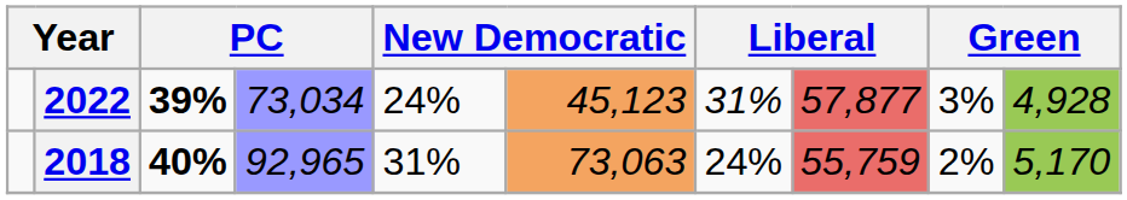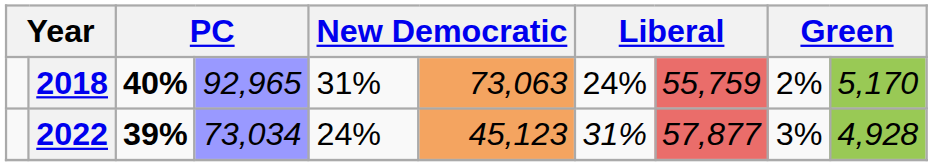 <table class="wikitable" style="float:right; width:400; font-size:90%; margin-left:1em;">
 <tr>
 <th colspan="2" scope="col">Year</th>
 <th colspan="2" scope="col"><a href='#'>PC</a></th>
 <th colspan="2" scope="col"><a href='#'>New Democratic</a></th>
 <th colspan="2" scope="col"><a href='#'>Liberal</a></th>
 <th colspan="2" scope="col"><a href='#'>Green</a></th>
+</tr>
+<tr>
+<td style="width: 0.25em; background-color: "></td>
+<th><a href='#'>2018</a></th>
+<td><strong>40%</strong></td>
+<td style="text-align:right; background:#9999FF;"><em>92,965</em></td>
+<td>31%</td>
+<td style="text-align:right; background:#F4A460;"><em>73,063</em></td>
+<td>24%</td>
+<td style="text-align:right; background:#EA6D6A;"><em>55,759</em></td>
+<td>2%</td>
+<td style="text-align:right; background:#99C955;"><em>5,170</em></td>
 </tr>
 <tr>
 <td style="width: 0.25em; background-color: "></td>
 <th><a href='#'>2022</a></th>
 <td><strong>39%</strong></td>
 <td style="text-align:right; background:#9999FF;"><em>73,034</em></td>
 <td>24%</td>
 <td style="text-align:right; background:#F4A460;"><em>45,123</em></td>
 <td><em>31%</em></td>
 <td style="text-align:right; background:#EA6D6A;"><em>57,877</em></td>
 <td>3%</td>
 <td style="text-align:right; background:#99C955;"><em>4,928</em></td>
 </tr>
 <tr>
-<td style="width: 0.25em; background-color: "></td>
-<th><a href='#'>2018</a></th>
-<td><strong>40%</strong></td>
-<td style="text-align:right; background:#9999FF;"><em>92,965</em></td>
-<td>31%</td>
-<td style="text-align:right; background:#F4A460;"><em>73,063</em></td>
-<td>24%</td>
-<td style="text-align:right; background:#EA6D6A;"><em>55,759</em></td>
-<td>2%</td>
-<td style="text-align:right; background:#99C955;"><em>5,170</em></td>
-</tr>
-<tr>
 </tr>
 </table>
